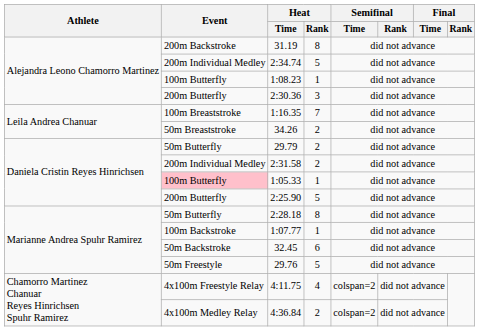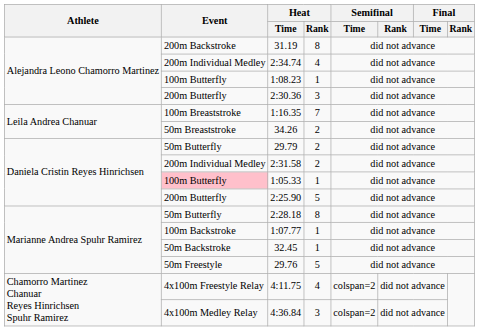 <table class=wikitable style="font-size:90%">
 <tr>
 <th rowspan="2">Athlete</th>
 <th rowspan="2">Event</th>
 <th colspan="2">Heat</th>
 <th colspan="2">Semifinal</th>
 <th colspan="2">Final</th>
 </tr>
 <tr style="font-size:95%">
 <th>Time</th>
 <th>Rank</th>
 <th>Time</th>
 <th>Rank</th>
 <th>Time</th>
 <th>Rank</th>
 </tr>
 <tr align=center>
 <td align=left rowspan=4>Alejandra Leono Chamorro Martinez</td>
 <td align=left>200m Backstroke</td>
 <td>31.19</td>
 <td>8</td>
 <td colspan=4>did not advance</td>
 </tr>
 <tr align=center>
 <td align=left>200m Individual Medley</td>
 <td>2:34.74</td>
-<td>5</td>
+<td>4</td>
 <td colspan=4>did not advance</td>
 </tr>
 <tr align=center>
 <td align=left>100m Butterfly</td>
 <td>1:08.23</td>
 <td>1</td>
 <td colspan=4>did not advance</td>
 </tr>
 <tr align=center>
 <td align=left>200m Butterfly</td>
 <td>2:30.36</td>
 <td>3</td>
 <td colspan=4>did not advance</td>
 </tr>
 <tr align=center>
 <td align=left rowspan=2>Leila Andrea Chanuar</td>
 <td align=left>100m Breaststroke</td>
 <td>1:16.35</td>
 <td>7</td>
 <td colspan=4>did not advance</td>
 </tr>
 <tr align=center>
 <td align=left>50m Breaststroke</td>
 <td>34.26</td>
 <td>2</td>
 <td colspan=4>did not advance</td>
 </tr>
 <tr align=center>
 <td align=left rowspan=4>Daniela Cristin Reyes Hinrichsen</td>
 <td align=left>50m Butterfly</td>
 <td>29.79</td>
 <td>2</td>
 <td colspan=4>did not advance</td>
 </tr>
 <tr align=center>
 <td align=left>200m Individual Medley</td>
 <td>2:31.58</td>
 <td>2</td>
 <td colspan=4>did not advance</td>
 </tr>
 <tr align=center>
 <td align=left style="background: pink;">100m Butterfly</td>
 <td>1:05.33</td>
 <td>1</td>
 <td colspan=4>did not advance</td>
 </tr>
 <tr align=center>
 <td align=left>200m Butterfly</td>
 <td>2:25.90</td>
 <td>5</td>
 <td colspan=4>did not advance</td>
 </tr>
 <tr align=center>
 <td align=left rowspan=4>Marianne Andrea Spuhr Ramirez</td>
 <td align=left>50m Butterfly</td>
 <td>2:28.18</td>
 <td>8</td>
 <td colspan=4>did not advance</td>
 </tr>
 <tr align=center>
 <td align=left>100m Backstroke</td>
 <td>1:07.77</td>
 <td>1</td>
 <td colspan=4>did not advance</td>
 </tr>
 <tr align=center>
 <td align=left>50m Backstroke</td>
 <td>32.45</td>
-<td>6</td>
+<td>1</td>
 <td colspan=4>did not advance</td>
 </tr>
 <tr align=center>
 <td align=left>50m Freestyle</td>
 <td>29.76</td>
 <td>5</td>
 <td colspan=4>did not advance</td>
 </tr>
 <tr align=center>
 <td align=left rowspan=2>Chamorro Martinez<br>Chanuar<br>Reyes Hinrichsen<br>Spuhr Ramirez</td>
 <td align=left>4x100m Freestyle Relay</td>
 <td>4:11.75</td>
 <td>4</td>
 <td>colspan=2 </td>
 <td colspan=2>did not advance</td>
 </tr>
 <tr align=center>
 <td align=left>4x100m Medley Relay</td>
 <td>4:36.84</td>
-<td>2</td>
+<td>3</td>
 <td>colspan=2 </td>
 <td colspan=2>did not advance</td>
 </tr>
 </table>
